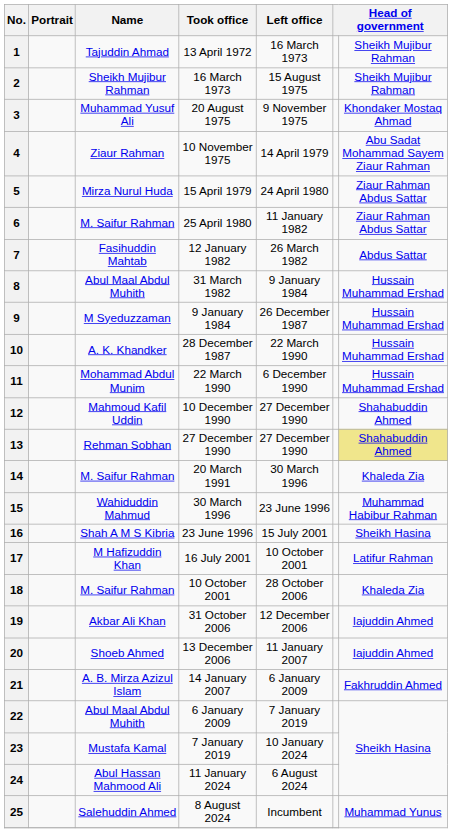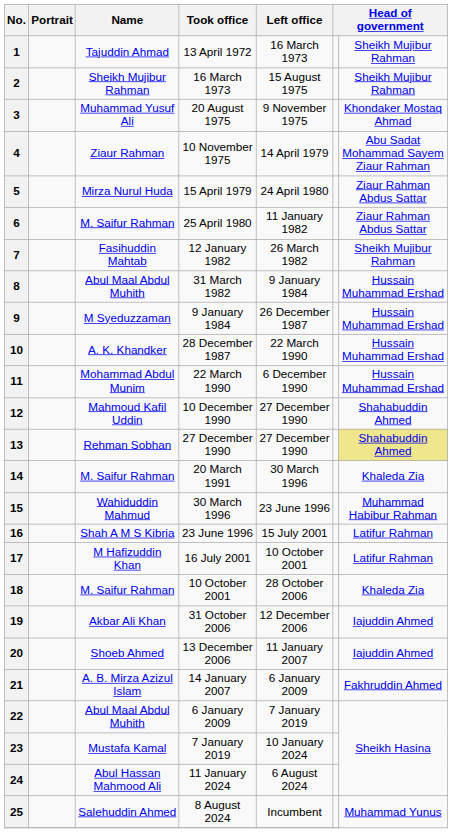 <table class="wikitable" style="clear:right; text-align:center"|}>
 <tr>
 <th>No.</th>
 <th>Portrait</th>
 <th>Name</th>
 <th>Took office</th>
 <th>Left office</th>
 <th colspan="2"><a href='#'>Head of government</a></th>
 </tr>
 <tr>
 <th>1</th>
 <td></td>
 <td><a href='#'>Tajuddin Ahmad</a></td>
 <td>13 April 1972</td>
 <td>16 March 1973</td>
 <td style="background: "></td>
 <td><a href='#'>Sheikh Mujibur Rahman</a></td>
 </tr>
 <tr>
 <th>2</th>
 <td></td>
 <td><a href='#'>Sheikh Mujibur Rahman</a></td>
 <td>16 March 1973</td>
 <td>15 August 1975</td>
 <td style="background: "></td>
 <td><a href='#'>Sheikh Mujibur Rahman</a></td>
 </tr>
 <tr>
 <th>3</th>
 <td></td>
 <td><a href='#'>Muhammad Yusuf Ali</a></td>
 <td>20 August 1975</td>
 <td>9 November 1975</td>
 <td style="background: "></td>
 <td><a href='#'>Khondaker Mostaq Ahmad</a></td>
 </tr>
 <tr>
 <th>4</th>
 <td></td>
 <td><a href='#'>Ziaur Rahman</a></td>
 <td>10 November 1975</td>
 <td>14 April 1979</td>
 <td style="background: "></td>
 <td><a href='#'>Abu Sadat Mohammad Sayem</a><br><a href='#'>Ziaur Rahman</a></td>
 </tr>
 <tr>
 <th>5</th>
 <td></td>
 <td><a href='#'>Mirza Nurul Huda</a></td>
 <td>15 April 1979</td>
 <td>24 April 1980</td>
 <td style="background: "></td>
 <td><a href='#'>Ziaur Rahman</a> <br><a href='#'>Abdus Sattar</a></td>
 </tr>
 <tr>
 <th>6</th>
 <td></td>
 <td><a href='#'>M. Saifur Rahman</a></td>
 <td>25 April 1980</td>
 <td>11 January 1982</td>
 <td style="background: "></td>
 <td><a href='#'>Ziaur Rahman</a> <br><a href='#'>Abdus Sattar</a></td>
 </tr>
 <tr>
 <th>7</th>
 <td></td>
 <td><a href='#'>Fasihuddin Mahtab</a></td>
 <td>12 January 1982</td>
 <td>26 March 1982</td>
 <td style="background: "></td>
-<td><a href='#'>Abdus Sattar</a></td>
+<td><a href='#'>Sheikh Mujibur Rahman</a></td>
 </tr>
 <tr>
 <th>8</th>
 <td></td>
 <td><a href='#'>Abul Maal Abdul Muhith</a></td>
 <td>31 March 1982</td>
 <td>9 January 1984</td>
 <td style="background: "></td>
 <td><a href='#'>Hussain Muhammad Ershad</a></td>
 </tr>
 <tr>
 <th>9</th>
 <td></td>
 <td><a href='#'>M Syeduzzaman</a></td>
 <td>9 January 1984</td>
 <td>26 December 1987</td>
 <td style="background: "></td>
 <td><a href='#'>Hussain Muhammad Ershad</a></td>
 </tr>
 <tr>
 <th>10</th>
 <td></td>
 <td><a href='#'>A. K. Khandker</a></td>
 <td>28 December 1987</td>
 <td>22 March 1990</td>
 <td style="background: "></td>
 <td><a href='#'>Hussain Muhammad Ershad</a></td>
 </tr>
 <tr>
 <th>11</th>
 <td></td>
 <td><a href='#'>Mohammad Abdul Munim</a></td>
 <td>22 March 1990</td>
 <td>6 December 1990</td>
 <td style="background: "></td>
 <td><a href='#'>Hussain Muhammad Ershad</a></td>
 </tr>
 <tr>
 <th>12</th>
 <td></td>
 <td><a href='#'>Mahmoud Kafil Uddin</a></td>
 <td>10 December 1990</td>
 <td>27 December 1990</td>
 <td style="background: "></td>
 <td><a href='#'>Shahabuddin Ahmed</a></td>
 </tr>
 <tr>
 <th>13</th>
 <td></td>
 <td><a href='#'>Rehman Sobhan</a></td>
 <td>27 December 1990</td>
 <td>27 December 1990</td>
 <td style="background: "></td>
 <td style="background: khaki;"><a href='#'>Shahabuddin Ahmed</a></td>
 </tr>
 <tr>
 <th>14</th>
 <td></td>
 <td><a href='#'>M. Saifur Rahman</a></td>
 <td>20 March 1991</td>
 <td>30 March 1996</td>
 <td style="background: "></td>
 <td><a href='#'>Khaleda Zia</a></td>
 </tr>
 <tr>
 <th>15</th>
 <td></td>
 <td><a href='#'>Wahiduddin Mahmud</a></td>
 <td>30 March 1996</td>
 <td>23 June 1996</td>
 <td style="background: "></td>
 <td><a href='#'>Muhammad Habibur Rahman</a></td>
 </tr>
 <tr>
 <th>16</th>
 <td></td>
 <td><a href='#'>Shah A M S Kibria</a></td>
 <td>23 June 1996</td>
 <td>15 July 2001</td>
 <td style="background: "></td>
-<td><a href='#'>Sheikh Hasina</a></td>
+<td><a href='#'>Latifur Rahman</a></td>
 </tr>
 <tr>
 <th>17</th>
 <td></td>
 <td><a href='#'>M Hafizuddin Khan</a></td>
 <td>16 July 2001</td>
 <td>10 October 2001</td>
 <td style="background: "></td>
 <td><a href='#'>Latifur Rahman</a></td>
 </tr>
 <tr>
 <th>18</th>
 <td></td>
 <td><a href='#'>M. Saifur Rahman</a></td>
 <td>10 October 2001</td>
 <td>28 October 2006</td>
 <td style="background: "></td>
 <td><a href='#'>Khaleda Zia</a></td>
 </tr>
 <tr>
 <th>19</th>
 <td></td>
 <td><a href='#'>Akbar Ali Khan</a></td>
 <td>31 October 2006</td>
 <td>12 December 2006</td>
 <td style="background: "></td>
 <td><a href='#'>Iajuddin Ahmed</a></td>
 </tr>
 <tr>
 <th>20</th>
 <td></td>
 <td><a href='#'>Shoeb Ahmed</a></td>
 <td>13 December 2006</td>
 <td>11 January 2007</td>
 <td style="background: "></td>
 <td><a href='#'>Iajuddin Ahmed</a></td>
 </tr>
 <tr>
 <th>21</th>
 <td></td>
 <td><a href='#'>A. B. Mirza Azizul Islam</a></td>
 <td>14 January 2007</td>
 <td>6 January 2009</td>
 <td style="background: "></td>
 <td><a href='#'>Fakhruddin Ahmed</a></td>
 </tr>
 <tr>
 <th>22</th>
 <td></td>
 <td><a href='#'>Abul Maal Abdul Muhith</a></td>
 <td>6 January 2009</td>
 <td>7 January 2019</td>
 <td style="background: "></td>
 <td rowspan="3"><a href='#'>Sheikh Hasina</a></td>
 </tr>
 <tr>
 <th>23</th>
 <td></td>
 <td><a href='#'>Mustafa Kamal</a></td>
 <td>7 January 2019</td>
 <td>10 January 2024</td>
 <td style="background: "></td>
 </tr>
 <tr>
 <th>24</th>
 <td></td>
 <td><a href='#'>Abul Hassan Mahmood Ali</a></td>
 <td>11 January 2024</td>
 <td>6 August 2024</td>
 <td style="background: "></td>
 </tr>
 <tr>
 <th>25</th>
 <td></td>
 <td><a href='#'>Salehuddin Ahmed</a></td>
 <td>8 August 2024</td>
 <td>Incumbent</td>
 <td style="background: "></td>
 <td rowspan="2"><a href='#'>Muhammad Yunus</a></td>
 </tr>
 <tr>
 </tr>
 </table>
